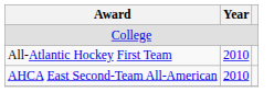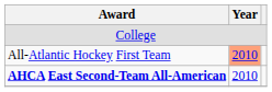 <table class="wikitable">
 <tr>
 <th>Award</th>
 <th>Year</th>
 <th></th>
 </tr>
 <tr ALIGN="center" bgcolor="#e0e0e0">
 <td colspan="3"><a href='#'>College</a></td>
 </tr>
 <tr>
 <td>All-<a href='#'>Atlantic Hockey</a> <a href='#'>First Team</a></td>
-<td><a href='#'>2010</a></td>
+<td style="background: lightsalmon;"><a href='#'>2010</a></td>
 <td></td>
 </tr>
 <tr>
-<td><a href='#'>AHCA</a> <a href='#'>East Second-Team All-American</a></td>
+<td><strong><a href='#'>AHCA</a> <a href='#'>East Second-Team All-American</a></strong></td>
 <td><a href='#'>2010</a></td>
 <td></td>
 </tr>
 <tr>
 </tr>
 </table>
